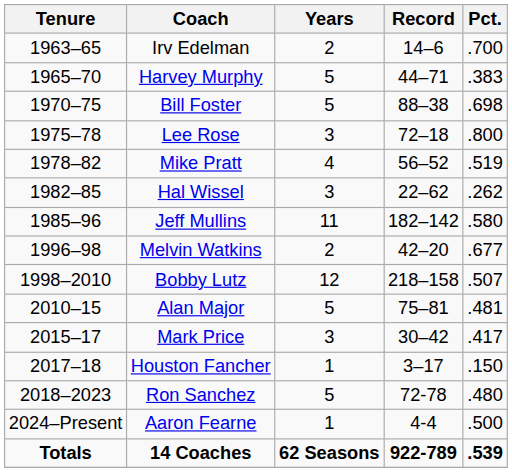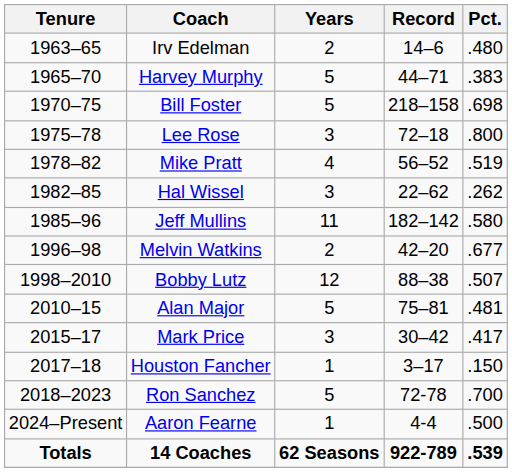 <table class="wikitable" style="text-align:center">
 <tr>
 <th>Tenure</th>
 <th>Coach</th>
 <th>Years</th>
 <th>Record</th>
 <th>Pct.</th>
 </tr>
 <tr>
 <td>1963–65</td>
 <td>Irv Edelman</td>
 <td>2</td>
 <td>14–6</td>
-<td>.700</td>
+<td>.480</td>
 </tr>
 <tr>
 <td>1965–70</td>
 <td><a href='#'>Harvey Murphy</a></td>
 <td>5</td>
 <td>44–71</td>
 <td>.383</td>
 </tr>
 <tr>
 <td>1970–75</td>
 <td><a href='#'>Bill Foster</a></td>
 <td>5</td>
-<td>88–38</td>
+<td>218–158</td>
 <td>.698</td>
 </tr>
 <tr>
 <td>1975–78</td>
 <td><a href='#'>Lee Rose</a></td>
 <td>3</td>
 <td>72–18</td>
 <td>.800</td>
 </tr>
 <tr>
 <td>1978–82</td>
 <td><a href='#'>Mike Pratt</a></td>
 <td>4</td>
 <td>56–52</td>
 <td>.519</td>
 </tr>
 <tr>
 <td>1982–85</td>
 <td><a href='#'>Hal Wissel</a></td>
 <td>3</td>
 <td>22–62</td>
 <td>.262</td>
 </tr>
 <tr>
 <td>1985–96</td>
 <td><a href='#'>Jeff Mullins</a></td>
 <td>11</td>
 <td>182–142</td>
 <td>.580</td>
 </tr>
 <tr>
 <td>1996–98</td>
 <td><a href='#'>Melvin Watkins</a></td>
 <td>2</td>
 <td>42–20</td>
 <td>.677</td>
 </tr>
 <tr>
 <td>1998–2010</td>
 <td><a href='#'>Bobby Lutz</a></td>
 <td>12</td>
-<td>218–158</td>
+<td>88–38</td>
 <td>.507</td>
 </tr>
 <tr>
 <td>2010–15</td>
 <td><a href='#'>Alan Major</a></td>
 <td>5</td>
 <td>75–81</td>
 <td>.481</td>
 </tr>
 <tr>
 <td>2015–17</td>
 <td><a href='#'>Mark Price</a></td>
 <td>3</td>
 <td>30–42</td>
 <td>.417</td>
 </tr>
 <tr>
 <td>2017–18</td>
 <td><a href='#'>Houston Fancher</a></td>
 <td>1</td>
 <td>3–17</td>
 <td>.150</td>
 </tr>
 <tr>
 <td>2018–2023</td>
 <td><a href='#'>Ron Sanchez</a></td>
 <td>5</td>
 <td>72-78</td>
-<td>.480</td>
+<td>.700</td>
 </tr>
 <tr>
 <td>2024–Present</td>
 <td><a href='#'>Aaron Fearne</a></td>
 <td>1</td>
 <td>4-4</td>
 <td>.500</td>
 </tr>
 <tr style="font-weight:bold; ">
 <td>Totals</td>
 <td>14 Coaches</td>
 <td>62 Seasons</td>
 <td>922-789</td>
 <td>.539</td>
 </tr>
 <tr>
 </tr>
 </table>
